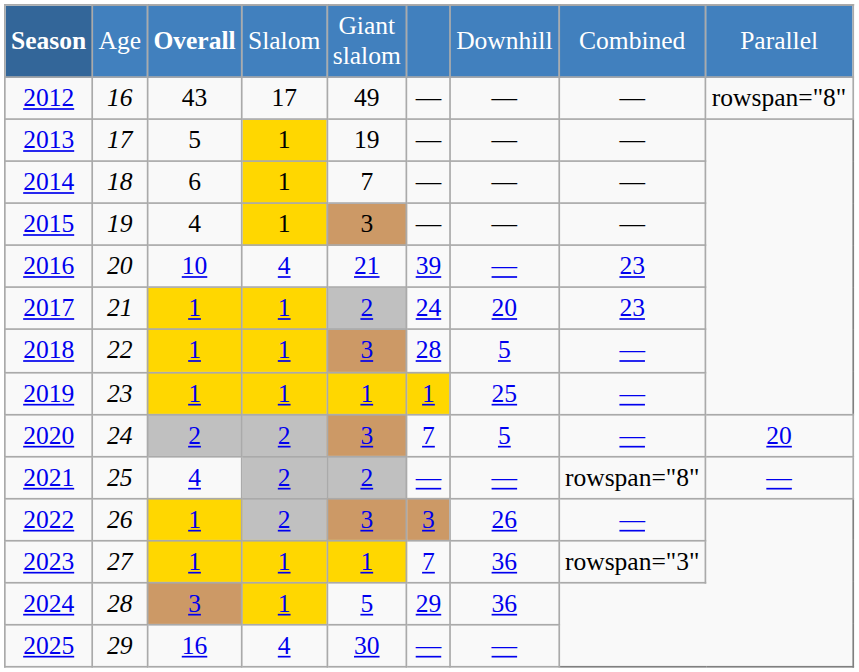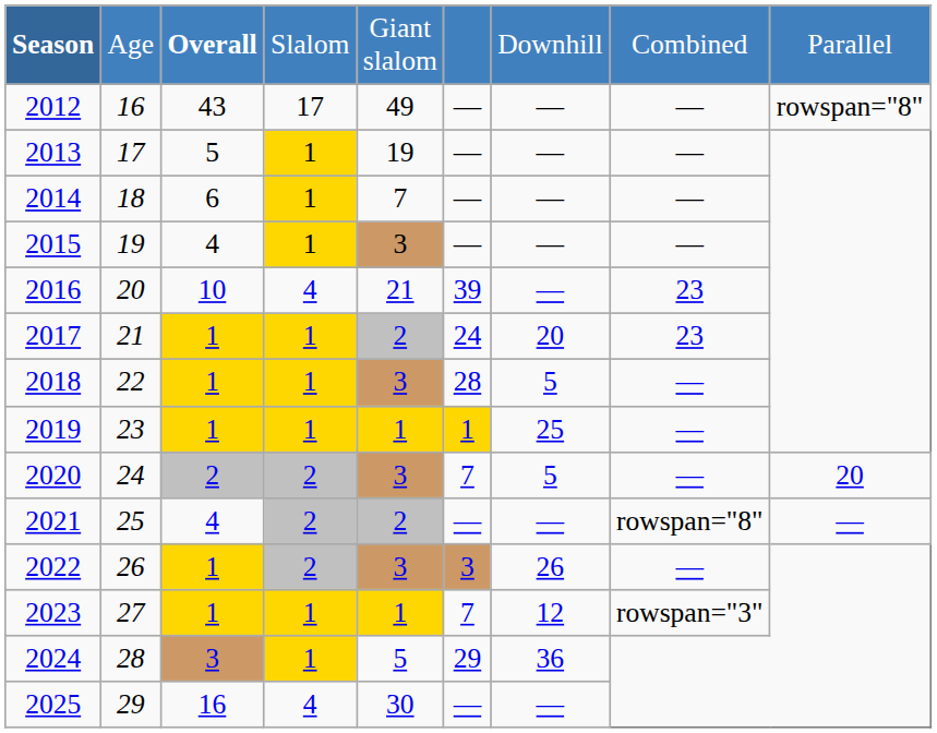 <table class="wikitable"  style="font-size:95%; text-align:center; border:gray solid 1px; width:40%;">
 <tr style="background:#369; color:white;">
 <td rowspan="2" style="width:6%;"><strong>Season</strong></td>
 </tr>
 <tr style="background:#4180be; color:white;">
 <td style="width:3%;">Age</td>
 <td style="width:5%;"><strong>Overall</strong></td>
 <td style="width:5%;">Slalom</td>
 <td style="width:5%;">Giant<br>slalom</td>
 <td style="width:5%;"></td>
 <td style="width:5%;">Downhill</td>
 <td style="width:5%;">Combined</td>
 <td style="width:5%;">Parallel</td>
 </tr>
 <tr>
 <td><a href='#'>2012</a></td>
 <td><em>16</em></td>
 <td>43</td>
 <td>17</td>
 <td>49</td>
 <td>—</td>
 <td>—</td>
 <td>—</td>
 <td>rowspan="8" </td>
 </tr>
 <tr>
 <td><a href='#'>2013</a></td>
 <td><em>17</em></td>
 <td>5</td>
 <td style="background:gold;">1</td>
 <td>19</td>
 <td>—</td>
 <td>—</td>
 <td>—</td>
 </tr>
 <tr>
 <td><a href='#'>2014</a></td>
 <td><em>18</em></td>
 <td>6</td>
 <td style="background:gold;">1</td>
 <td>7</td>
 <td>—</td>
 <td>—</td>
 <td>—</td>
 </tr>
 <tr>
 <td><a href='#'>2015</a></td>
 <td><em>19</em></td>
 <td>4</td>
 <td style="background:gold;">1</td>
 <td style="background:#c96;">3</td>
 <td>—</td>
 <td>—</td>
 <td>—</td>
 </tr>
 <tr>
 <td><a href='#'>2016</a></td>
 <td><em>20</em></td>
 <td><a href='#'>10</a></td>
 <td><a href='#'>4</a></td>
 <td><a href='#'>21</a></td>
 <td><a href='#'>39</a></td>
 <td><a href='#'>—</a></td>
 <td><a href='#'>23</a></td>
 </tr>
 <tr>
 <td><a href='#'>2017</a></td>
 <td><em>21</em></td>
 <td style="background:gold;"><a href='#'>1</a></td>
 <td style="background:gold;"><a href='#'>1</a></td>
 <td style="background:silver;"><a href='#'>2</a></td>
 <td><a href='#'>24</a></td>
 <td><a href='#'>20</a></td>
 <td><a href='#'>23</a></td>
 </tr>
 <tr>
 <td><a href='#'>2018</a></td>
 <td><em>22</em></td>
 <td style="background:gold;"><a href='#'>1</a></td>
 <td style="background:gold;"><a href='#'>1</a></td>
 <td style="background:#c96;"><a href='#'>3</a></td>
 <td><a href='#'>28</a></td>
 <td><a href='#'>5</a></td>
 <td><a href='#'>—</a></td>
 </tr>
 <tr>
 <td><a href='#'>2019</a></td>
 <td><em>23</em></td>
 <td style="background:gold;"><a href='#'>1</a></td>
 <td style="background:gold;"><a href='#'>1</a></td>
 <td style="background:gold;"><a href='#'>1</a></td>
 <td style="background:gold;"><a href='#'>1</a></td>
 <td><a href='#'>25</a></td>
 <td><a href='#'>—</a></td>
 </tr>
 <tr>
 <td><a href='#'>2020</a></td>
 <td><em>24</em></td>
 <td style="background:silver;"><a href='#'>2</a></td>
 <td style="background:silver;"><a href='#'>2</a></td>
 <td style="background:#c96;"><a href='#'>3</a></td>
 <td><a href='#'>7</a></td>
 <td><a href='#'>5</a></td>
 <td><a href='#'>—</a></td>
 <td><a href='#'>20</a></td>
 </tr>
 <tr>
 <td><a href='#'>2021</a></td>
 <td><em>25</em></td>
 <td><a href='#'>4</a></td>
 <td style="background:silver;"><a href='#'>2</a></td>
 <td style="background:silver;"><a href='#'>2</a></td>
 <td><a href='#'>—</a></td>
 <td><a href='#'>—</a></td>
 <td>rowspan="8" </td>
 <td><a href='#'>—</a></td>
 </tr>
 <tr>
 <td><a href='#'>2022</a></td>
 <td><em>26</em></td>
 <td style="background:gold;"><a href='#'>1</a></td>
 <td style="background:silver;"><a href='#'>2</a></td>
 <td style="background:#c96;"><a href='#'>3</a></td>
 <td style="background:#c96;"><a href='#'>3</a></td>
 <td><a href='#'>26</a></td>
 <td><a href='#'>—</a></td>
 </tr>
 <tr>
 <td><a href='#'>2023</a></td>
 <td><em>27</em></td>
 <td style="background:gold;"><a href='#'>1</a></td>
 <td style="background:gold;"><a href='#'>1</a></td>
 <td style="background:gold;"><a href='#'>1</a></td>
 <td><a href='#'>7</a></td>
-<td><a href='#'>36</a></td>
+<td><a href='#'>12</a></td>
 <td>rowspan="3" </td>
 </tr>
 <tr>
 <td><a href='#'>2024</a></td>
 <td><em>28</em></td>
 <td style="background:#c96;"><a href='#'>3</a></td>
 <td style="background:gold;"><a href='#'>1</a></td>
 <td><a href='#'>5</a></td>
 <td><a href='#'>29</a></td>
 <td><a href='#'>36</a></td>
 </tr>
 <tr>
 <td><a href='#'>2025</a></td>
 <td><em>29</em></td>
 <td><a href='#'>16</a></td>
 <td><a href='#'>4</a></td>
 <td><a href='#'>30</a></td>
 <td><a href='#'>—</a></td>
 <td><a href='#'>—</a></td>
 </tr>
 </table>
